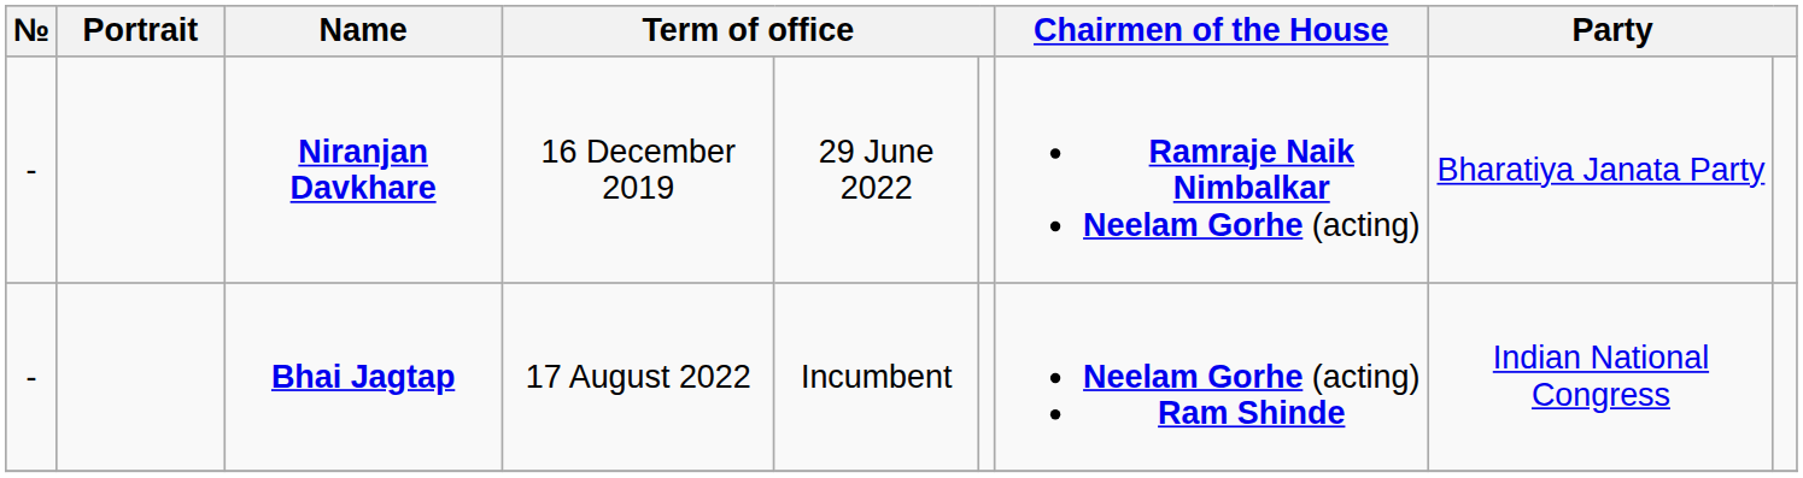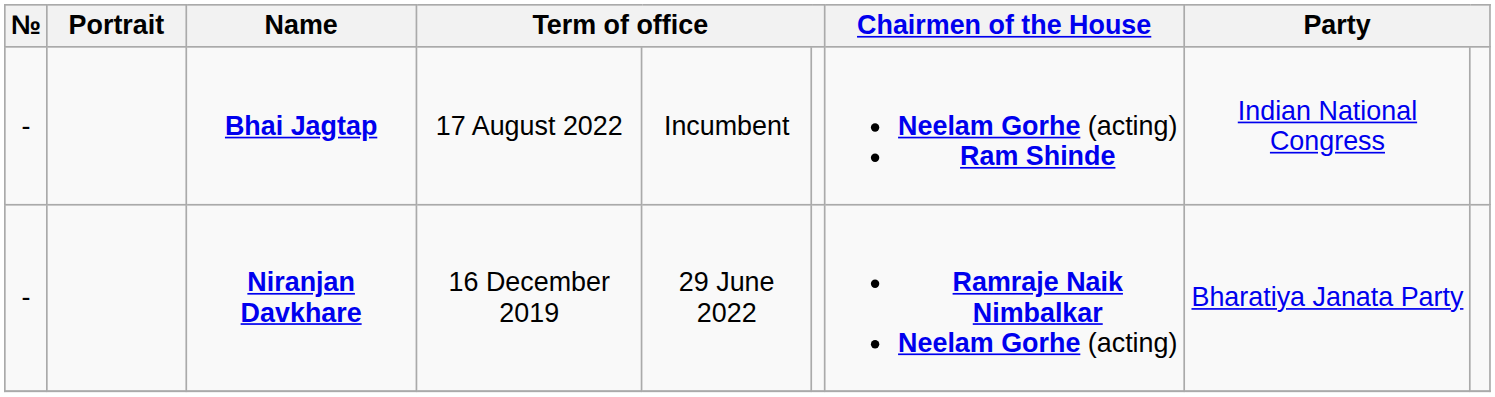 <table class="wikitable sortable" style="width:70%;">
 <tr align=center>
 <th>№</th>
 <th width="75">Portrait</th>
 <th>Name</th>
 <th colspan="3">Term of office</th>
 <th><a href='#'>Chairmen of the House</a></th>
 <th colspan=2>Party</th>
+</tr>
+<tr align=center>
+<td>-</td>
+<td></td>
+<td><strong><a href='#'>Bhai Jagtap</a></strong></td>
+<td>17 August 2022</td>
+<td>Incumbent</td>
+<td></td>
+<td><br><ul><li><strong><a href='#'>Neelam Gorhe</a></strong> (acting)</li><li><strong><a href='#'>Ram Shinde</a></strong></li></ul></td>
+<td rowspan="1"><a href='#'>Indian National Congress</a></td>
+<td width="4px"></td>
 </tr>
 <tr align=center>
 <td>-</td>
 <td></td>
 <td><strong><a href='#'>Niranjan Davkhare</a></strong></td>
 <td>16 December 2019</td>
 <td>29 June 2022</td>
 <td></td>
 <td><br><ul><li><strong><a href='#'>Ramraje Naik Nimbalkar</a></strong></li><li><strong><a href='#'>Neelam Gorhe</a></strong> (acting)</li></ul></td>
 <td rowspan="1"><a href='#'>Bharatiya Janata Party</a></td>
 <td width="4px"></td>
 </tr>
 <tr align=center>
-<td>-</td>
-<td></td>
-<td><strong><a href='#'>Bhai Jagtap</a></strong></td>
-<td>17 August 2022</td>
-<td>Incumbent</td>
-<td></td>
-<td><br><ul><li><strong><a href='#'>Neelam Gorhe</a></strong> (acting)</li><li><strong><a href='#'>Ram Shinde</a></strong></li></ul></td>
-<td rowspan="1"><a href='#'>Indian National Congress</a></td>
-<td width="4px"></td>
-</tr>
-<tr align=center>
 </tr>
 </table>
